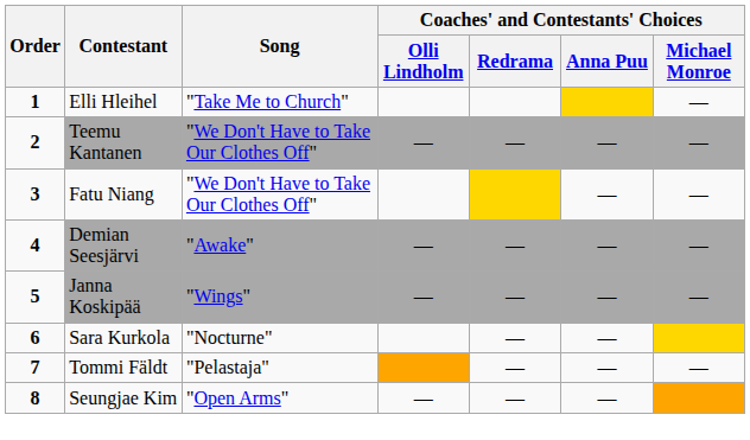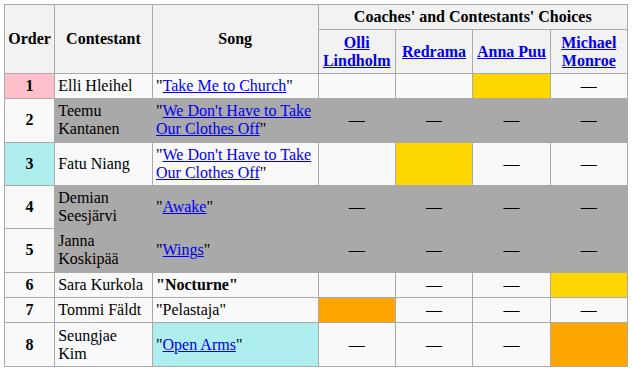 <table class="wikitable" style="width:100%;">
 <tr>
 <th rowspan=2>Order</th>
 <th rowspan=2>Contestant</th>
 <th rowspan=2>Song</th>
 <th colspan=4>Coaches' and Contestants' Choices</th>
 </tr>
 <tr>
 <th width="70"><a href='#'>Olli Lindholm</a></th>
 <th width="70"><a href='#'>Redrama</a></th>
 <th width="70"><a href='#'>Anna Puu</a></th>
 <th width="70"><a href='#'>Michael Monroe</a></th>
 </tr>
 <tr>
-<td align="center"><strong>1</strong></td>
+<td align="center" style="background: pink;"><strong>1</strong></td>
 <td>Elli Hleihel</td>
 <td>"<a href='#'>Take Me to Church</a>"</td>
 <td style=";text-align:center;"></td>
 <td style=";text-align:center;"></td>
 <td style="background:gold;text-align:center;"></td>
 <td align="center">—</td>
 </tr>
 <tr>
 <td align="center"><strong>2</strong></td>
 <td style="background:darkgrey;text-align:left;">Teemu Kantanen</td>
 <td style="background:darkgrey;text-align:left;">"<a href='#'>We Don't Have to Take Our Clothes Off</a>"</td>
 <td style="background:darkgrey;text-align:center;">—</td>
 <td style="background:darkgrey;text-align:center;">—</td>
 <td style="background:darkgrey;text-align:center;">—</td>
 <td style="background:darkgrey;text-align:center;">—</td>
 </tr>
 <tr>
-<td align="center"><strong>3</strong></td>
+<td align="center" style="background: paleturquoise;"><strong>3</strong></td>
 <td>Fatu Niang</td>
 <td>"<a href='#'>We Don't Have to Take Our Clothes Off</a>"</td>
 <td style=";text-align:center;"></td>
 <td style="background:gold;text-align:center;"></td>
 <td align="center">—</td>
 <td align="center">—</td>
 </tr>
 <tr>
 <td align="center"><strong>4</strong></td>
 <td style="background:darkgrey;text-align:left;">Demian Seesjärvi</td>
 <td style="background:darkgrey;text-align:left;">"<a href='#'>Awake</a>"</td>
 <td style="background:darkgrey;text-align:center;">—</td>
 <td style="background:darkgrey;text-align:center;">—</td>
 <td style="background:darkgrey;text-align:center;">—</td>
 <td style="background:darkgrey;text-align:center;">—</td>
 </tr>
 <tr>
 <td align="center"><strong>5</strong></td>
 <td style="background:darkgrey;text-align:left;">Janna Koskipää</td>
 <td style="background:darkgrey;text-align:left;">"<a href='#'>Wings</a>"</td>
 <td style="background:darkgrey;text-align:center;">—</td>
 <td style="background:darkgrey;text-align:center;">—</td>
 <td style="background:darkgrey;text-align:center;">—</td>
 <td style="background:darkgrey;text-align:center;">—</td>
 </tr>
 <tr>
 <td align="center"><strong>6</strong></td>
 <td>Sara Kurkola</td>
-<td>"Nocturne"</td>
+<td><strong>"Nocturne"</strong></td>
 <td style=";text-align:center;"></td>
 <td align="center">—</td>
 <td align="center">—</td>
 <td style="background:gold;text-align:center;"></td>
 </tr>
 <tr>
 <td align="center"><strong>7</strong></td>
 <td>Tommi Fäldt</td>
 <td>"Pelastaja"</td>
 <td style="background:orange;text-align:center;"></td>
 <td align="center">—</td>
 <td align="center">—</td>
 <td align="center">—</td>
 </tr>
 <tr>
 <td align="center"><strong>8</strong></td>
 <td>Seungjae Kim</td>
-<td>"<a href='#'>Open Arms</a>"</td>
+<td style="background: paleturquoise;">"<a href='#'>Open Arms</a>"</td>
 <td align="center">—</td>
 <td align="center">—</td>
 <td align="center">—</td>
 <td style="background:orange;text-align:center;"></td>
 </tr>
 </table>
